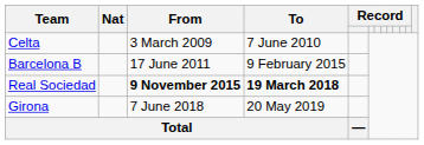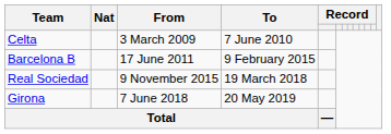 <table class="wikitable" style="text-align: center">
 <tr>
 <th rowspan="2">Team</th>
 <th rowspan="2">Nat</th>
 <th rowspan="2">From</th>
 <th rowspan="2">To</th>
 <th colspan="8">Record</th>
 <th rowspan=2></th>
 </tr>
 <tr>
 <th></th>
 <th></th>
 <th></th>
 <th></th>
 <th></th>
 <th></th>
 <th></th>
 <th></th>
 </tr>
 <tr>
 <td align="left"><a href='#'>Celta</a></td>
 <td></td>
 <td align=left>3 March 2009</td>
 <td align=left>7 June 2010<br></td>
 <td></td>
 </tr>
 <tr>
 <td align="left"><a href='#'>Barcelona B</a></td>
 <td></td>
 <td align=left>17 June 2011</td>
 <td align=left>9 February 2015<br></td>
 <td></td>
 </tr>
 <tr>
 <td align="left"><a href='#'>Real Sociedad</a></td>
 <td></td>
-<td align=left><strong>9 November 2015</strong></td>
-<td align=left><strong>19 March 2018<br></strong></td>
+<td align=left>9 November 2015</td>
+<td align=left>19 March 2018<br></td>
 <td></td>
 </tr>
 <tr>
 <td align="left"><a href='#'>Girona</a></td>
 <td></td>
 <td align=left>7 June 2018</td>
 <td align=left>20 May 2019<br></td>
 <td></td>
 </tr>
 <tr>
 <th colspan="4">Total<br></th>
 <th>—</th>
 </tr>
 </table>
